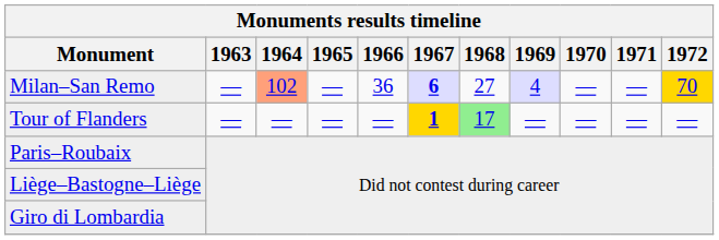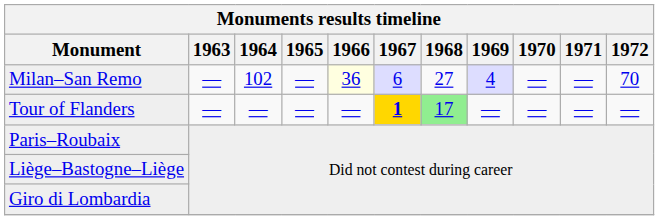 <table class="wikitable">
 <tr>
 <th scope="col" colspan=19 align=center>Monuments results timeline</th>
 </tr>
 <tr>
 <th>Monument</th>
 <th scope="col">1963</th>
 <th scope="col">1964</th>
 <th scope="col">1965</th>
 <th scope="col">1966</th>
 <th scope="col">1967</th>
 <th scope="col">1968</th>
 <th scope="col">1969</th>
 <th scope="col">1970</th>
 <th scope="col">1971</th>
 <th scope="col">1972</th>
 </tr>
 <tr style="text-align:center;">
 <td style="text-align:left; background:#efefef;"><a href='#'>Milan–San Remo</a></td>
 <td><a href='#'>—</a></td>
-<td style="background: lightsalmon;"><a href='#'>102</a></td>
+<td><a href='#'>102</a></td>
 <td><a href='#'>—</a></td>
-<td><a href='#'>36</a></td>
-<td style="background:#ddddff;"><strong><a href='#'>6</a></strong></td>
+<td style="background: lightyellow;"><a href='#'>36</a></td>
+<td style="background:#ddddff;"><a href='#'>6</a></td>
 <td><a href='#'>27</a></td>
 <td style="background:#ddddff;"><a href='#'>4</a></td>
 <td><a href='#'>—</a></td>
 <td><a href='#'>—</a></td>
-<td style="background: gold;"><a href='#'>70</a></td>
+<td><a href='#'>70</a></td>
 </tr>
 <tr style="text-align:center;">
 <td style="text-align:left; background:#efefef;"><a href='#'>Tour of Flanders</a></td>
 <td><a href='#'>—</a></td>
 <td><a href='#'>—</a></td>
 <td><a href='#'>—</a></td>
 <td><a href='#'>—</a></td>
 <td style="text-align:center; background:gold;"><a href='#'><strong>1</strong></a></td>
 <td style="background: lightgreen;"><a href='#'>17</a></td>
 <td><a href='#'>—</a></td>
 <td><a href='#'>—</a></td>
 <td><a href='#'>—</a></td>
 <td><a href='#'>—</a></td>
 </tr>
 <tr style="text-align:center;">
 <td style="text-align:left; background:#efefef;"><a href='#'>Paris–Roubaix</a></td>
 <td style="text-align:center; background:#efefef;" colspan=10 rowspan=3><small>Did not contest during career</small></td>
 </tr>
 <tr style="text-align:center;">
 <td style="text-align:left; background:#efefef;"><a href='#'>Liège–Bastogne–Liège</a></td>
 </tr>
 <tr style="text-align:center;">
 <td style="text-align:left; background:#efefef;"><a href='#'>Giro di Lombardia</a></td>
 </tr>
 <tr>
 </tr>
 </table>
